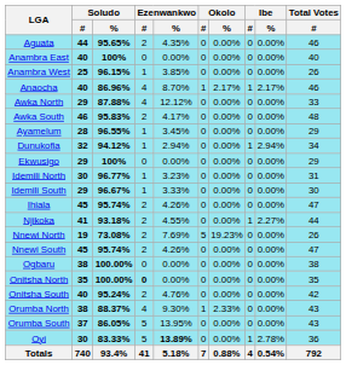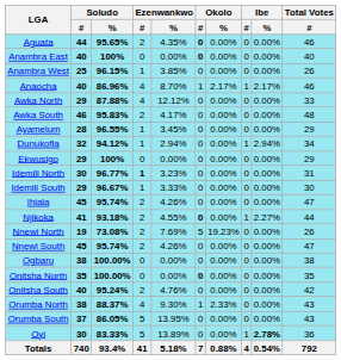 <table class="wikitable sortable" style=" font-size: 70%">
 <tr>
 <th rowspan="2">LGA</th>
 <th colspan="2">Soludo</th>
 <th colspan="2">Ezenwankwo</th>
 <th colspan="2">Okolo</th>
 <th colspan="2">Ibe</th>
 <th>Total Votes</th>
 </tr>
 <tr>
 <th>#</th>
 <th>%</th>
 <th>#</th>
 <th>%</th>
 <th>#</th>
 <th>%</th>
 <th>#</th>
 <th>%</th>
 <th>#</th>
 </tr>
 <tr>
 <td bgcolor=#98e7f1 align="center"><a href='#'>Aguata</a></td>
 <td bgcolor=#98e7f1 align="center"><strong>44</strong></td>
 <td bgcolor=#98e7f1 align="center"><strong>95.65%</strong></td>
 <td bgcolor=#98e7f1 align="center">2</td>
 <td bgcolor=#98e7f1 align="center">4.35%</td>
-<td bgcolor=#98e7f1 align="center">0</td>
+<td bgcolor=#98e7f1 align="center"><strong>0</strong></td>
 <td bgcolor=#98e7f1 align="center">0.00%</td>
 <td bgcolor=#98e7f1 align="center">0</td>
 <td bgcolor=#98e7f1 align="center">0.00%</td>
 <td bgcolor=#98e7f1 align="center">46</td>
 </tr>
 <tr>
 <td bgcolor=#98e7f1 align="center"><a href='#'>Anambra East</a></td>
 <td bgcolor=#98e7f1 align="center"><strong>40</strong></td>
 <td bgcolor=#98e7f1 align="center"><strong>100%</strong></td>
 <td bgcolor=#98e7f1 align="center">0</td>
 <td bgcolor=#98e7f1 align="center">0.00%</td>
-<td bgcolor=#98e7f1 align="center">0</td>
+<td bgcolor=#98e7f1 align="center"><strong>0</strong></td>
 <td bgcolor=#98e7f1 align="center">0.00%</td>
 <td bgcolor=#98e7f1 align="center">0</td>
 <td bgcolor=#98e7f1 align="center">0.00%</td>
 <td bgcolor=#98e7f1 align="center">40</td>
 </tr>
 <tr>
 <td bgcolor=#98e7f1 align="center"><a href='#'>Anambra West</a></td>
 <td bgcolor=#98e7f1 align="center"><strong>25</strong></td>
 <td bgcolor=#98e7f1 align="center"><strong>96.15%</strong></td>
 <td bgcolor=#98e7f1 align="center">1</td>
 <td bgcolor=#98e7f1 align="center">3.85%</td>
 <td bgcolor=#98e7f1 align="center">0</td>
 <td bgcolor=#98e7f1 align="center">0.00%</td>
 <td bgcolor=#98e7f1 align="center">0</td>
 <td bgcolor=#98e7f1 align="center">0.00%</td>
 <td bgcolor=#98e7f1 align="center">26</td>
 </tr>
 <tr>
 <td bgcolor=#98e7f1 align="center"><a href='#'>Anaocha</a></td>
 <td bgcolor=#98e7f1 align="center"><strong>40</strong></td>
 <td bgcolor=#98e7f1 align="center"><strong>86.96%</strong></td>
 <td bgcolor=#98e7f1 align="center">4</td>
 <td bgcolor=#98e7f1 align="center">8.70%</td>
 <td bgcolor=#98e7f1 align="center">1</td>
 <td bgcolor=#98e7f1 align="center">2.17%</td>
 <td bgcolor=#98e7f1 align="center">1</td>
 <td bgcolor=#98e7f1 align="center">2.17%</td>
 <td bgcolor=#98e7f1 align="center">46</td>
 </tr>
 <tr>
 <td bgcolor=#98e7f1 align="center"><a href='#'>Awka North</a></td>
 <td bgcolor=#98e7f1 align="center"><strong>29</strong></td>
 <td bgcolor=#98e7f1 align="center"><strong>87.88%</strong></td>
 <td bgcolor=#98e7f1 align="center">4</td>
 <td bgcolor=#98e7f1 align="center">12.12%</td>
 <td bgcolor=#98e7f1 align="center">0</td>
 <td bgcolor=#98e7f1 align="center">0.00%</td>
 <td bgcolor=#98e7f1 align="center">0</td>
 <td bgcolor=#98e7f1 align="center">0.00%</td>
 <td bgcolor=#98e7f1 align="center">33</td>
 </tr>
 <tr>
 <td bgcolor=#98e7f1 align="center"><a href='#'>Awka South</a></td>
 <td bgcolor=#98e7f1 align="center"><strong>46</strong></td>
 <td bgcolor=#98e7f1 align="center"><strong>95.83%</strong></td>
 <td bgcolor=#98e7f1 align="center">2</td>
 <td bgcolor=#98e7f1 align="center">4.17%</td>
 <td bgcolor=#98e7f1 align="center">0</td>
 <td bgcolor=#98e7f1 align="center">0.00%</td>
 <td bgcolor=#98e7f1 align="center">0</td>
 <td bgcolor=#98e7f1 align="center">0.00%</td>
 <td bgcolor=#98e7f1 align="center">48</td>
 </tr>
 <tr>
 <td bgcolor=#98e7f1 align="center"><a href='#'>Ayamelum</a></td>
 <td bgcolor=#98e7f1 align="center"><strong>28</strong></td>
 <td bgcolor=#98e7f1 align="center"><strong>96.55%</strong></td>
 <td bgcolor=#98e7f1 align="center">1</td>
 <td bgcolor=#98e7f1 align="center">3.45%</td>
 <td bgcolor=#98e7f1 align="center">0</td>
 <td bgcolor=#98e7f1 align="center">0.00%</td>
 <td bgcolor=#98e7f1 align="center">0</td>
 <td bgcolor=#98e7f1 align="center">0.00%</td>
 <td bgcolor=#98e7f1 align="center">29</td>
 </tr>
 <tr>
 <td bgcolor=#98e7f1 align="center"><a href='#'>Dunukofia</a></td>
 <td bgcolor=#98e7f1 align="center"><strong>32</strong></td>
 <td bgcolor=#98e7f1 align="center"><strong>94.12%</strong></td>
 <td bgcolor=#98e7f1 align="center">1</td>
 <td bgcolor=#98e7f1 align="center">2.94%</td>
 <td bgcolor=#98e7f1 align="center">0</td>
 <td bgcolor=#98e7f1 align="center">0.00%</td>
 <td bgcolor=#98e7f1 align="center">1</td>
 <td bgcolor=#98e7f1 align="center">2.94%</td>
 <td bgcolor=#98e7f1 align="center">34</td>
 </tr>
 <tr>
 <td bgcolor=#98e7f1 align="center"><a href='#'>Ekwusigo</a></td>
 <td bgcolor=#98e7f1 align="center"><strong>29</strong></td>
 <td bgcolor=#98e7f1 align="center"><strong>100%</strong></td>
 <td bgcolor=#98e7f1 align="center">0</td>
 <td bgcolor=#98e7f1 align="center">0.00%</td>
 <td bgcolor=#98e7f1 align="center">0</td>
 <td bgcolor=#98e7f1 align="center">0.00%</td>
 <td bgcolor=#98e7f1 align="center">0</td>
 <td bgcolor=#98e7f1 align="center">0.00%</td>
 <td bgcolor=#98e7f1 align="center">29</td>
 </tr>
 <tr>
 <td bgcolor=#98e7f1 align="center"><a href='#'>Idemili North</a></td>
 <td bgcolor=#98e7f1 align="center"><strong>30</strong></td>
 <td bgcolor=#98e7f1 align="center"><strong>96.77%</strong></td>
-<td bgcolor=#98e7f1 align="center">1</td>
+<td bgcolor=#98e7f1 align="center"><strong>1</strong></td>
 <td bgcolor=#98e7f1 align="center">3.23%</td>
 <td bgcolor=#98e7f1 align="center">0</td>
 <td bgcolor=#98e7f1 align="center">0.00%</td>
 <td bgcolor=#98e7f1 align="center">0</td>
 <td bgcolor=#98e7f1 align="center">0.00%</td>
 <td bgcolor=#98e7f1 align="center">31</td>
 </tr>
 <tr>
 <td bgcolor=#98e7f1 align="center"><a href='#'>Idemili South</a></td>
 <td bgcolor=#98e7f1 align="center"><strong>29</strong></td>
 <td bgcolor=#98e7f1 align="center"><strong>96.67%</strong></td>
 <td bgcolor=#98e7f1 align="center">1</td>
 <td bgcolor=#98e7f1 align="center">3.33%</td>
 <td bgcolor=#98e7f1 align="center">0</td>
 <td bgcolor=#98e7f1 align="center">0.00%</td>
 <td bgcolor=#98e7f1 align="center">0</td>
 <td bgcolor=#98e7f1 align="center">0.00%</td>
 <td bgcolor=#98e7f1 align="center">30</td>
 </tr>
 <tr>
 <td bgcolor=#98e7f1 align="center"><a href='#'>Ihiala</a></td>
 <td bgcolor=#98e7f1 align="center"><strong>45</strong></td>
 <td bgcolor=#98e7f1 align="center"><strong>95.74%</strong></td>
 <td bgcolor=#98e7f1 align="center">2</td>
 <td bgcolor=#98e7f1 align="center">4.26%</td>
 <td bgcolor=#98e7f1 align="center">0</td>
 <td bgcolor=#98e7f1 align="center">0.00%</td>
 <td bgcolor=#98e7f1 align="center">0</td>
 <td bgcolor=#98e7f1 align="center">0.00%</td>
 <td bgcolor=#98e7f1 align="center">47</td>
 </tr>
 <tr>
 <td bgcolor=#98e7f1 align="center"><a href='#'>Njikoka</a></td>
 <td bgcolor=#98e7f1 align="center"><strong>41</strong></td>
 <td bgcolor=#98e7f1 align="center"><strong>93.18%</strong></td>
 <td bgcolor=#98e7f1 align="center">2</td>
 <td bgcolor=#98e7f1 align="center">4.55%</td>
-<td bgcolor=#98e7f1 align="center">0</td>
+<td bgcolor=#98e7f1 align="center"><strong>0</strong></td>
 <td bgcolor=#98e7f1 align="center">0.00%</td>
 <td bgcolor=#98e7f1 align="center">1</td>
 <td bgcolor=#98e7f1 align="center">2.27%</td>
 <td bgcolor=#98e7f1 align="center">44</td>
 </tr>
 <tr>
 <td bgcolor=#98e7f1 align="center"><a href='#'>Nnewi North</a></td>
 <td bgcolor=#98e7f1 align="center"><strong>19</strong></td>
 <td bgcolor=#98e7f1 align="center"><strong>73.08%</strong></td>
 <td bgcolor=#98e7f1 align="center">2</td>
 <td bgcolor=#98e7f1 align="center">7.69%</td>
 <td bgcolor=#98e7f1 align="center">5</td>
 <td bgcolor=#98e7f1 align="center">19.23%</td>
 <td bgcolor=#98e7f1 align="center">0</td>
 <td bgcolor=#98e7f1 align="center">0.00%</td>
 <td bgcolor=#98e7f1 align="center">26</td>
 </tr>
 <tr>
 <td bgcolor=#98e7f1 align="center"><a href='#'>Nnewi South</a></td>
 <td bgcolor=#98e7f1 align="center"><strong>45</strong></td>
 <td bgcolor=#98e7f1 align="center"><strong>95.74%</strong></td>
 <td bgcolor=#98e7f1 align="center">2</td>
 <td bgcolor=#98e7f1 align="center">4.26%</td>
 <td bgcolor=#98e7f1 align="center">0</td>
 <td bgcolor=#98e7f1 align="center">0.00%</td>
 <td bgcolor=#98e7f1 align="center">0</td>
 <td bgcolor=#98e7f1 align="center">0.00%</td>
 <td bgcolor=#98e7f1 align="center">47</td>
 </tr>
 <tr>
 <td bgcolor=#98e7f1 align="center"><a href='#'>Ogbaru</a></td>
 <td bgcolor=#98e7f1 align="center"><strong>38</strong></td>
 <td bgcolor=#98e7f1 align="center"><strong>100.00%</strong></td>
 <td bgcolor=#98e7f1 align="center">0</td>
 <td bgcolor=#98e7f1 align="center">0.00%</td>
 <td bgcolor=#98e7f1 align="center">0</td>
 <td bgcolor=#98e7f1 align="center">0.00%</td>
 <td bgcolor=#98e7f1 align="center">0</td>
 <td bgcolor=#98e7f1 align="center">0.00%</td>
 <td bgcolor=#98e7f1 align="center">38</td>
 </tr>
 <tr>
 <td bgcolor=#98e7f1 align="center"><a href='#'>Onitsha North</a></td>
 <td bgcolor=#98e7f1 align="center"><strong>35</strong></td>
 <td bgcolor=#98e7f1 align="center"><strong>100.00%</strong></td>
+<td bgcolor=#98e7f1 align="center">0</td>
+<td bgcolor=#98e7f1 align="center">0.00%</td>
 <td bgcolor=#98e7f1 align="center"><strong>0</strong></td>
-<td bgcolor=#98e7f1 align="center">0.00%</td>
-<td bgcolor=#98e7f1 align="center">0</td>
 <td bgcolor=#98e7f1 align="center">0.00%</td>
 <td bgcolor=#98e7f1 align="center">0</td>
 <td bgcolor=#98e7f1 align="center">0.00%</td>
 <td bgcolor=#98e7f1 align="center">35</td>
 </tr>
 <tr>
 <td bgcolor=#98e7f1 align="center"><a href='#'>Onitsha South</a></td>
 <td bgcolor=#98e7f1 align="center"><strong>40</strong></td>
 <td bgcolor=#98e7f1 align="center"><strong>95.24%</strong></td>
 <td bgcolor=#98e7f1 align="center">2</td>
 <td bgcolor=#98e7f1 align="center">4.76%</td>
 <td bgcolor=#98e7f1 align="center">0</td>
 <td bgcolor=#98e7f1 align="center">0.00%</td>
 <td bgcolor=#98e7f1 align="center">0</td>
 <td bgcolor=#98e7f1 align="center">0.00%</td>
 <td bgcolor=#98e7f1 align="center">42</td>
 </tr>
 <tr>
 <td bgcolor=#98e7f1 align="center"><a href='#'>Orumba North</a></td>
 <td bgcolor=#98e7f1 align="center"><strong>38</strong></td>
 <td bgcolor=#98e7f1 align="center"><strong>88.37%</strong></td>
 <td bgcolor=#98e7f1 align="center">4</td>
 <td bgcolor=#98e7f1 align="center">9.30%</td>
 <td bgcolor=#98e7f1 align="center">1</td>
 <td bgcolor=#98e7f1 align="center">2.33%</td>
 <td bgcolor=#98e7f1 align="center">0</td>
 <td bgcolor=#98e7f1 align="center">0.00%</td>
 <td bgcolor=#98e7f1 align="center">43</td>
 </tr>
 <tr>
 <td bgcolor=#98e7f1 align="center"><a href='#'>Orumba South</a></td>
 <td bgcolor=#98e7f1 align="center"><strong>37</strong></td>
 <td bgcolor=#98e7f1 align="center"><strong>86.05%</strong></td>
 <td bgcolor=#98e7f1 align="center">5</td>
 <td bgcolor=#98e7f1 align="center">13.95%</td>
 <td bgcolor=#98e7f1 align="center">0</td>
 <td bgcolor=#98e7f1 align="center">0.00%</td>
 <td bgcolor=#98e7f1 align="center">0</td>
 <td bgcolor=#98e7f1 align="center">0.00%</td>
 <td bgcolor=#98e7f1 align="center">43</td>
 </tr>
 <tr>
 <td bgcolor=#98e7f1 align="center"><a href='#'>Oyi</a></td>
 <td bgcolor=#98e7f1 align="center"><strong>30</strong></td>
 <td bgcolor=#98e7f1 align="center"><strong>83.33%</strong></td>
 <td bgcolor=#98e7f1 align="center">5</td>
-<td bgcolor=#98e7f1 align="center"><strong>13.89%</strong></td>
+<td bgcolor=#98e7f1 align="center">13.89%</td>
 <td bgcolor=#98e7f1 align="center">0</td>
 <td bgcolor=#98e7f1 align="center">0.00%</td>
 <td bgcolor=#98e7f1 align="center">1</td>
-<td bgcolor=#98e7f1 align="center">2.78%</td>
+<td bgcolor=#98e7f1 align="center"><strong>2.78%</strong></td>
 <td bgcolor=#98e7f1 align="center">36</td>
 </tr>
 <tr>
 <th>Totals</th>
 <th><strong>740</strong></th>
 <th><strong>93.4%</strong></th>
 <th><strong>41</strong></th>
 <th><strong>5.18%</strong></th>
 <th><strong>7</strong></th>
 <th><strong>0.88%</strong></th>
 <th><strong>4</strong></th>
 <th><strong>0.54%</strong></th>
 <th>792</th>
 </tr>
 </table>
